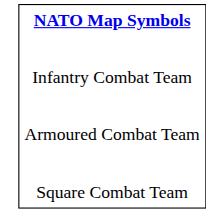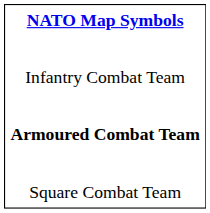 <table class="floatright" style="border:1px solid black; background:white;float: right;text-align: center" cellpadding="3">
 <tr>
 <th><a href='#'>NATO Map Symbols</a></th>
 </tr>
 <tr>
 <td><br></td>
 </tr>
 <tr>
 <td>Infantry Combat Team</td>
 </tr>
 <tr>
 <td><br></td>
 </tr>
 <tr>
-<td>Armoured Combat Team</td>
+<td><strong>Armoured Combat Team</strong></td>
 </tr>
 <tr>
 <td><br></td>
 </tr>
 <tr>
 <td>Square Combat Team</td>
 </tr>
 </table>
